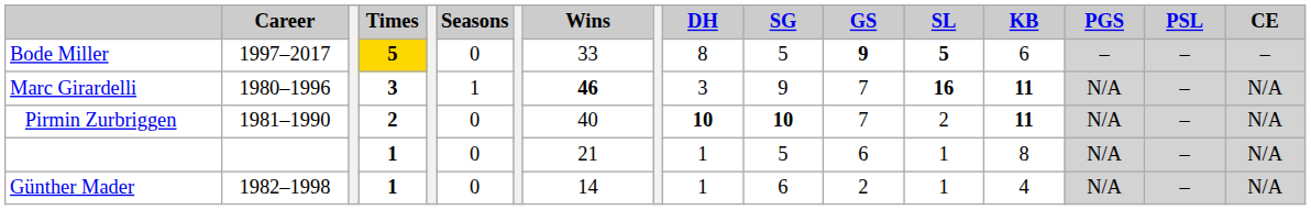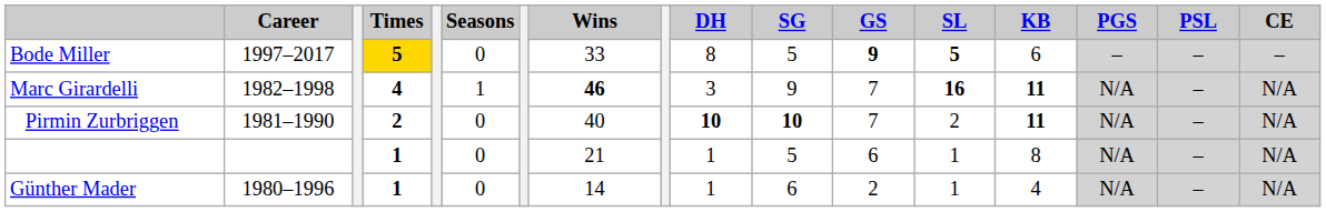 <table class="wikitable plainrowheaders" style="background:#fff; font-size:86%; line-height:16px; border:grey solid 1px; border-collapse:collapse">
 <tr style="background:#ccc; text-align:center;">
 <th style="background-color: #ccc;" width="140"></th>
 <th style="background-color: #ccc;" width="80">Career</th>
 <th rowspan=6></th>
 <th style="background-color: #ccc;" width="40">Times</th>
 <th rowspan=6></th>
 <th style="background-color: #ccc;" width="40">Seasons</th>
 <th rowspan=6></th>
 <th style="background:#ccc; width:10%">Wins</th>
 <th rowspan=6></th>
 <th style="background-color: #ccc;" width="48"><a href='#'>DH</a></th>
 <th style="background-color: #ccc;" width="48"><a href='#'>SG</a></th>
 <th style="background-color: #ccc;" width="48"><a href='#'>GS</a></th>
 <th style="background-color: #ccc;" width="48"><a href='#'>SL</a></th>
 <th style="background-color: #ccc;" width="48"><a href='#'>KB</a></th>
 <th style="background-color: #ccc;" width="48"><a href='#'>PGS</a></th>
 <th style="background-color: #ccc;" width="48"><a href='#'>PSL</a></th>
 <th style="background-color: #ccc;" width="48">CE</th>
 </tr>
 <tr align=center>
 <td align=left> <a href='#'>Bode Miller</a></td>
 <td>1997–2017</td>
 <td style="background:gold;"><strong>5</strong></td>
 <td>0</td>
 <td>33</td>
 <td>8</td>
 <td>5</td>
 <td><strong>9</strong></td>
 <td><strong>5</strong></td>
 <td>6</td>
 <td style="background:lightgrey;">–</td>
 <td style="background:lightgrey;">–</td>
 <td style="background:lightgrey;">–</td>
 </tr>
 <tr align=center>
 <td align=left> <a href='#'>Marc Girardelli</a></td>
-<td>1980–1996</td>
-<td><strong>3</strong></td>
+<td>1982–1998</td>
+<td><strong>4</strong></td>
 <td>1</td>
 <td><strong>46</strong></td>
 <td>3</td>
 <td>9</td>
 <td>7</td>
 <td><strong>16</strong></td>
 <td><strong>11</strong></td>
 <td style="background:lightgrey;">N/A</td>
 <td style="background:lightgrey;">–</td>
 <td style="background:lightgrey;">N/A</td>
 </tr>
 <tr align=center>
 <td align=left>   <a href='#'>Pirmin Zurbriggen</a></td>
 <td>1981–1990</td>
 <td><strong>2</strong></td>
 <td>0</td>
 <td>40</td>
 <td><strong>10</strong></td>
 <td><strong>10</strong></td>
 <td>7</td>
 <td>2</td>
 <td><strong>11</strong></td>
 <td style="background:lightgrey;">N/A</td>
 <td style="background:lightgrey;">–</td>
 <td style="background:lightgrey;">N/A</td>
 </tr>
 <tr align=center>
 <td align=left></td>
 <td></td>
 <td><strong>1</strong></td>
 <td>0</td>
 <td>21</td>
 <td>1</td>
 <td>5</td>
 <td>6</td>
 <td>1</td>
 <td>8</td>
 <td style="background:lightgrey;">N/A</td>
 <td style="background:lightgrey;">–</td>
 <td style="background:lightgrey;">N/A</td>
 </tr>
 <tr align=center>
 <td align=left> <a href='#'>Günther Mader</a></td>
-<td>1982–1998</td>
+<td>1980–1996</td>
 <td><strong>1</strong></td>
 <td>0</td>
 <td>14</td>
 <td>1</td>
 <td>6</td>
 <td>2</td>
 <td>1</td>
 <td>4</td>
 <td style="background:lightgrey;">N/A</td>
 <td style="background:lightgrey;">–</td>
 <td style="background:lightgrey;">N/A</td>
 </tr>
 </table>
